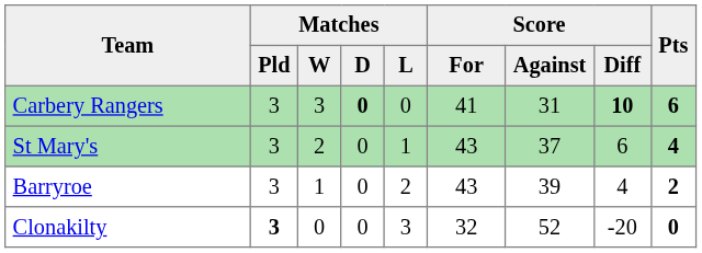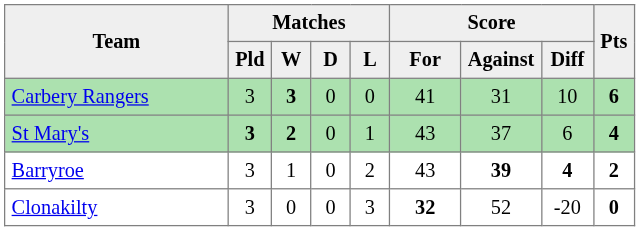 <table style=border-collapse:collapse border=1 cellspacing=0 cellpadding=5>
 <tr align=center bgcolor=#efefef>
 <th rowspan=2 width=165>Team</th>
 <th colspan=4>Matches</th>
 <th colspan=3>Score</th>
 <th rowspan=2width=20>Pts</th>
 </tr>
 <tr align=center bgcolor=#efefef>
 <th width=20>Pld</th>
 <th width=20>W</th>
 <th width=20>D</th>
 <th width=20>L</th>
 <th width=45>For</th>
 <th width=45>Against</th>
 <th width=30>Diff</th>
 </tr>
 <tr align=center style="background:#ACE1AF;">
 <td style="text-align:left;"><a href='#'>Carbery Rangers</a></td>
 <td>3</td>
-<td>3</td>
-<td><strong>0</strong></td>
+<td><strong>3</strong></td>
+<td>0</td>
 <td>0</td>
 <td>41</td>
 <td>31</td>
-<td><strong>10</strong></td>
+<td>10</td>
 <td><strong>6</strong></td>
 </tr>
 <tr align=center style="background:#ACE1AF;">
 <td style="text-align:left;"><a href='#'>St Mary's</a></td>
-<td>3</td>
-<td>2</td>
+<td><strong>3</strong></td>
+<td><strong>2</strong></td>
 <td>0</td>
 <td>1</td>
 <td>43</td>
 <td>37</td>
 <td>6</td>
 <td><strong>4</strong></td>
 </tr>
 <tr align=center>
 <td style="text-align:left;"><a href='#'>Barryroe</a></td>
 <td>3</td>
 <td>1</td>
 <td>0</td>
 <td>2</td>
 <td>43</td>
-<td>39</td>
-<td>4</td>
+<td><strong>39</strong></td>
+<td><strong>4</strong></td>
 <td><strong>2</strong></td>
 </tr>
 <tr align=center>
 <td style="text-align:left;"><a href='#'>Clonakilty</a></td>
-<td><strong>3</strong></td>
+<td>3</td>
 <td>0</td>
 <td>0</td>
 <td>3</td>
-<td>32</td>
+<td><strong>32</strong></td>
 <td>52</td>
 <td>-20</td>
 <td><strong>0</strong></td>
 </tr>
 </table>
